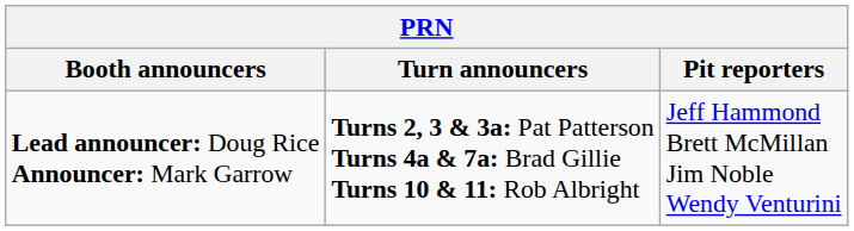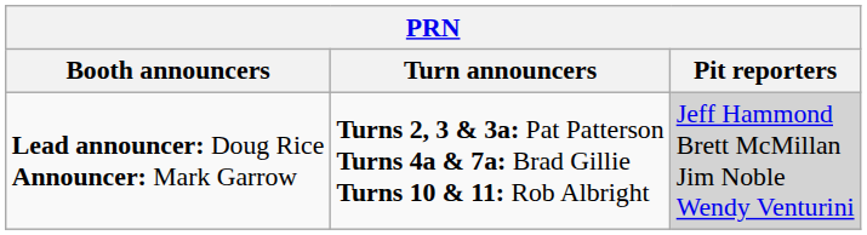 <table class="wikitable" style="font-size: 95%;">
 <tr>
 <th colspan="3"><a href='#'>PRN</a></th>
 </tr>
 <tr>
 <th>Booth announcers</th>
 <th>Turn announcers</th>
 <th>Pit reporters</th>
 </tr>
 <tr>
 <td><strong>Lead announcer:</strong> Doug Rice<br><strong>Announcer:</strong> Mark Garrow</td>
 <td><strong>Turns 2, 3 & 3a:</strong> Pat Patterson<br><strong>Turns 4a & 7a:</strong> Brad Gillie<br><strong>Turns 10 & 11:</strong> Rob Albright</td>
-<td><a href='#'>Jeff Hammond</a><br>Brett McMillan<br>Jim Noble<br><a href='#'>Wendy Venturini</a></td>
+<td style="background: lightgrey;"><a href='#'>Jeff Hammond</a><br>Brett McMillan<br>Jim Noble<br><a href='#'>Wendy Venturini</a></td>
 </tr>
 </table>
